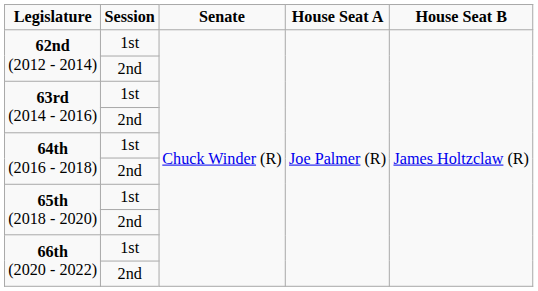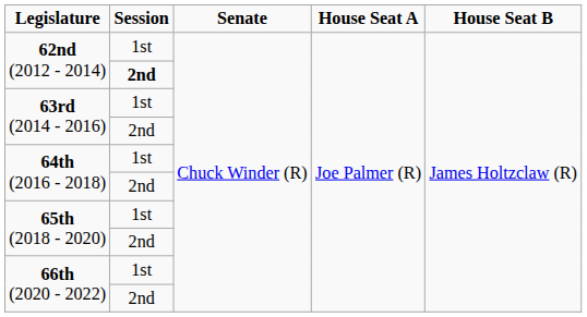 <table class=wikitable style="text-align:center">
 <tr>
 <td><strong>Legislature</strong></td>
 <td><strong>Session</strong></td>
 <td><strong>Senate</strong></td>
 <td><strong>House Seat A</strong></td>
 <td><strong>House Seat B</strong></td>
 </tr>
 <tr>
 <td rowspan="2" colspan="1" style="text-align: center;"><strong>62nd</strong> <br> (2012 - 2014)</td>
 <td>1st</td>
 <td rowspan="10" colspan="1" style="text-align: center;" ><a href='#'>Chuck Winder</a> (R)</td>
 <td rowspan="10" colspan="1" style="text-align: center;" ><a href='#'>Joe Palmer</a> (R)</td>
 <td rowspan="10" colspan="1" style="text-align: center;" ><a href='#'>James Holtzclaw</a> (R)</td>
 </tr>
 <tr>
-<td>2nd</td>
+<td><strong>2nd</strong></td>
 </tr>
 <tr>
 <td rowspan="2" colspan="1" style="text-align: center;"><strong>63rd</strong> <br> (2014 - 2016)</td>
 <td>1st</td>
 </tr>
 <tr>
 <td>2nd</td>
 </tr>
 <tr>
 <td rowspan="2" colspan="1" style="text-align: center;"><strong>64th</strong> <br> (2016 - 2018)</td>
 <td>1st</td>
 </tr>
 <tr>
 <td>2nd</td>
 </tr>
 <tr>
 <td rowspan="2" colspan="1" style="text-align: center;"><strong>65th</strong> <br> (2018 - 2020)</td>
 <td>1st</td>
 </tr>
 <tr>
 <td>2nd</td>
 </tr>
 <tr>
 <td rowspan="2" colspan="1" style="text-align: center;"><strong>66th</strong> <br> (2020 - 2022)</td>
 <td>1st</td>
 </tr>
 <tr>
 <td>2nd</td>
 </tr>
 </table>
